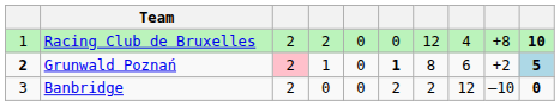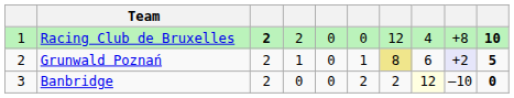 <table class=wikitable style="text-align:center">
 <tr align=center>
 <th width=25></th>
 <th width=200>Team</th>
 <th width=25></th>
 <th width=25></th>
 <th width=25></th>
 <th width=25></th>
 <th width=25></th>
 <th width=25></th>
 <th width=25></th>
 <th width=25></th>
 </tr>
 <tr bgcolor=bbf3bb>
 <td>1</td>
 <td align=left> <a href='#'>Racing Club de Bruxelles</a></td>
-<td>2</td>
+<td><strong>2</strong></td>
 <td>2</td>
 <td>0</td>
 <td>0</td>
 <td>12</td>
 <td>4</td>
 <td>+8</td>
 <td><strong>10</strong></td>
 </tr>
 <tr>
-<td><strong>2</strong></td>
+<td>2</td>
 <td align=left> <a href='#'>Grunwald Poznań</a></td>
-<td style="background: pink;">2</td>
+<td>2</td>
 <td>1</td>
 <td>0</td>
-<td><strong>1</strong></td>
-<td>8</td>
+<td>1</td>
+<td style="background: khaki;">8</td>
 <td>6</td>
-<td>+2</td>
-<td style="background: lightblue;"><strong>5</strong></td>
+<td style="background: lavender;">+2</td>
+<td><strong>5</strong></td>
 </tr>
 <tr>
 <td>3</td>
 <td align=left> <a href='#'>Banbridge</a></td>
 <td>2</td>
 <td>0</td>
 <td>0</td>
 <td>2</td>
 <td>2</td>
-<td>12</td>
+<td style="background: lightyellow;">12</td>
 <td>–10</td>
 <td><strong>0</strong></td>
 </tr>
 </table>
